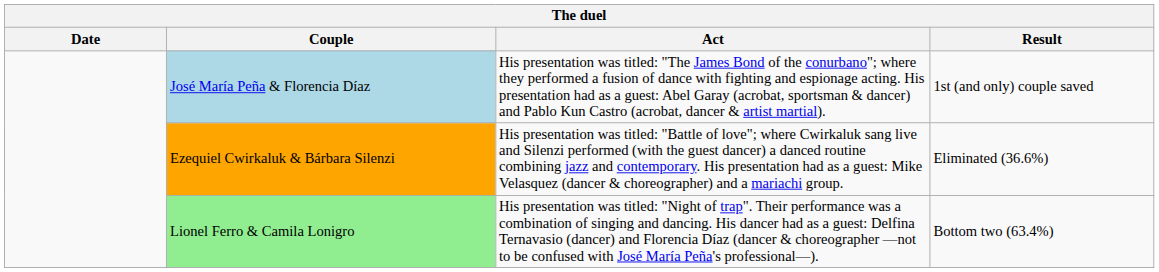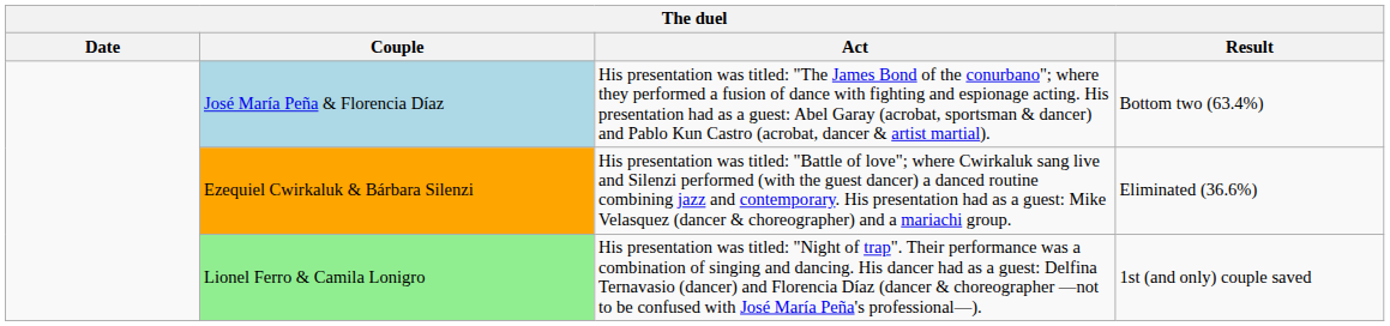 <table class="wikitable collapsible collapsed" style="text-align: align; width: 100%;">
 <tr>
 <th colspan="11" style="with: 100%;" align="center">The duel</th>
 </tr>
 <tr>
 <th width=85>Date</th>
 <th width=180>Couple</th>
 <th width=240>Act</th>
 <th width=120>Result</th>
 </tr>
 <tr>
 <td rowspan="3"></td>
 <td bgcolor="lightblue"><a href='#'>José María Peña</a> & Florencia Díaz</td>
 <td>His presentation was titled: "The <a href='#'>James Bond</a> of the <a href='#'>conurbano</a>"; where they performed a fusion of dance with fighting and espionage acting. His presentation had as a guest: Abel Garay (acrobat, sportsman & dancer) and Pablo Kun Castro (acrobat, dancer & <a href='#'>artist martial</a>).<br></td>
-<td>1st (and only) couple saved</td>
+<td>Bottom two (63.4%)</td>
 </tr>
 <tr>
 <td bgcolor="orange">Ezequiel Cwirkaluk & Bárbara Silenzi</td>
 <td>His presentation was titled: "Battle of love"; where Cwirkaluk sang live and Silenzi performed (with the guest dancer) a danced routine combining <a href='#'>jazz</a> and <a href='#'>contemporary</a>. His presentation had as a guest: Mike Velasquez (dancer & choreographer) and a <a href='#'>mariachi</a> group.<br></td>
 <td>Eliminated (36.6%)</td>
 </tr>
 <tr>
 <td bgcolor="lightgreen">Lionel Ferro & Camila Lonigro</td>
 <td>His presentation was titled: "Night of <a href='#'>trap</a>". Their performance was a combination of singing and dancing. His dancer had as a guest: Delfina Ternavasio (dancer) and Florencia Díaz (dancer & choreographer —not to be confused with <a href='#'>José María Peña</a>'s professional—).<br></td>
-<td>Bottom two (63.4%)</td>
+<td>1st (and only) couple saved</td>
 </tr>
 </table>
